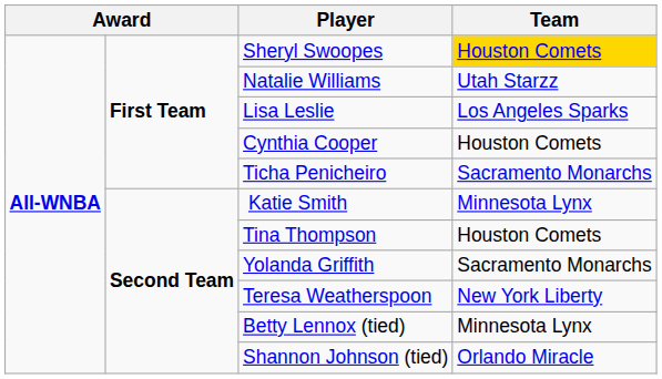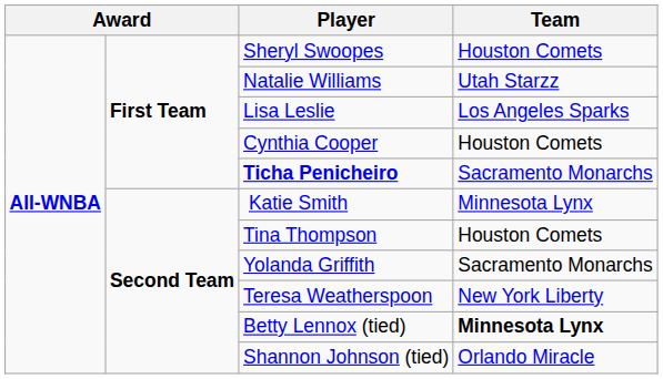 <table class="wikitable">
 <tr>
 <th colspan=2>Award</th>
 <th>Player</th>
 <th>Team</th>
 </tr>
 <tr>
 <td rowspan=11><strong><a href='#'>All-WNBA</a></strong></td>
 <td rowspan=5><strong>First Team</strong></td>
 <td><a href='#'>Sheryl Swoopes</a></td>
-<td style="background: gold;"><a href='#'>Houston Comets</a></td>
+<td><a href='#'>Houston Comets</a></td>
 </tr>
 <tr>
 <td><a href='#'>Natalie Williams</a></td>
 <td><a href='#'>Utah Starzz</a></td>
 </tr>
 <tr>
 <td><a href='#'>Lisa Leslie</a></td>
 <td><a href='#'>Los Angeles Sparks</a></td>
 </tr>
 <tr>
 <td><a href='#'>Cynthia Cooper</a></td>
 <td>Houston Comets</td>
 </tr>
 <tr>
-<td><a href='#'>Ticha Penicheiro</a></td>
+<td><strong><a href='#'>Ticha Penicheiro</a></strong></td>
 <td><a href='#'>Sacramento Monarchs</a></td>
 </tr>
 <tr>
 <td rowspan=6><strong>Second Team</strong></td>
 <td> <a href='#'>Katie Smith</a></td>
 <td><a href='#'>Minnesota Lynx</a></td>
 </tr>
 <tr>
 <td><a href='#'>Tina Thompson</a></td>
 <td>Houston Comets</td>
 </tr>
 <tr>
 <td><a href='#'>Yolanda Griffith</a></td>
 <td>Sacramento Monarchs</td>
 </tr>
 <tr>
 <td><a href='#'>Teresa Weatherspoon</a></td>
 <td><a href='#'>New York Liberty</a></td>
 </tr>
 <tr>
 <td><a href='#'>Betty Lennox</a> (tied)</td>
-<td>Minnesota Lynx</td>
+<td><strong>Minnesota Lynx</strong></td>
 </tr>
 <tr>
 <td><a href='#'>Shannon Johnson</a> (tied)</td>
 <td><a href='#'>Orlando Miracle</a></td>
 </tr>
 </table>
